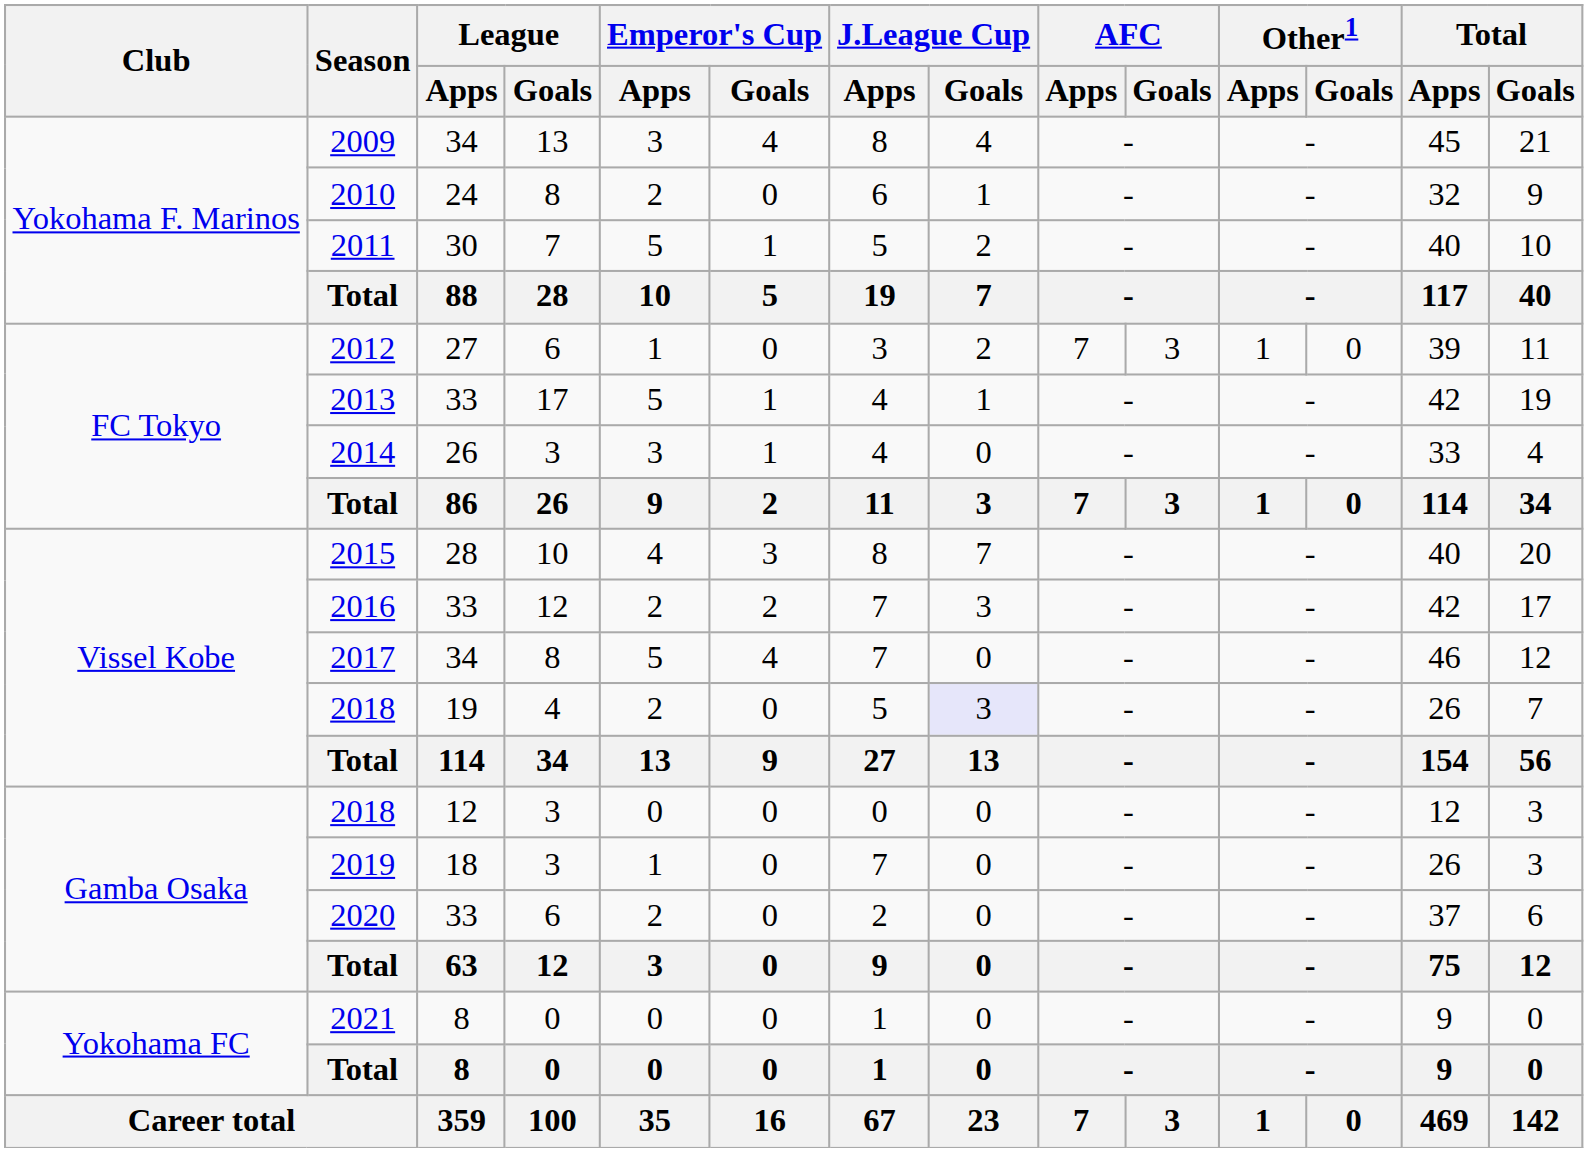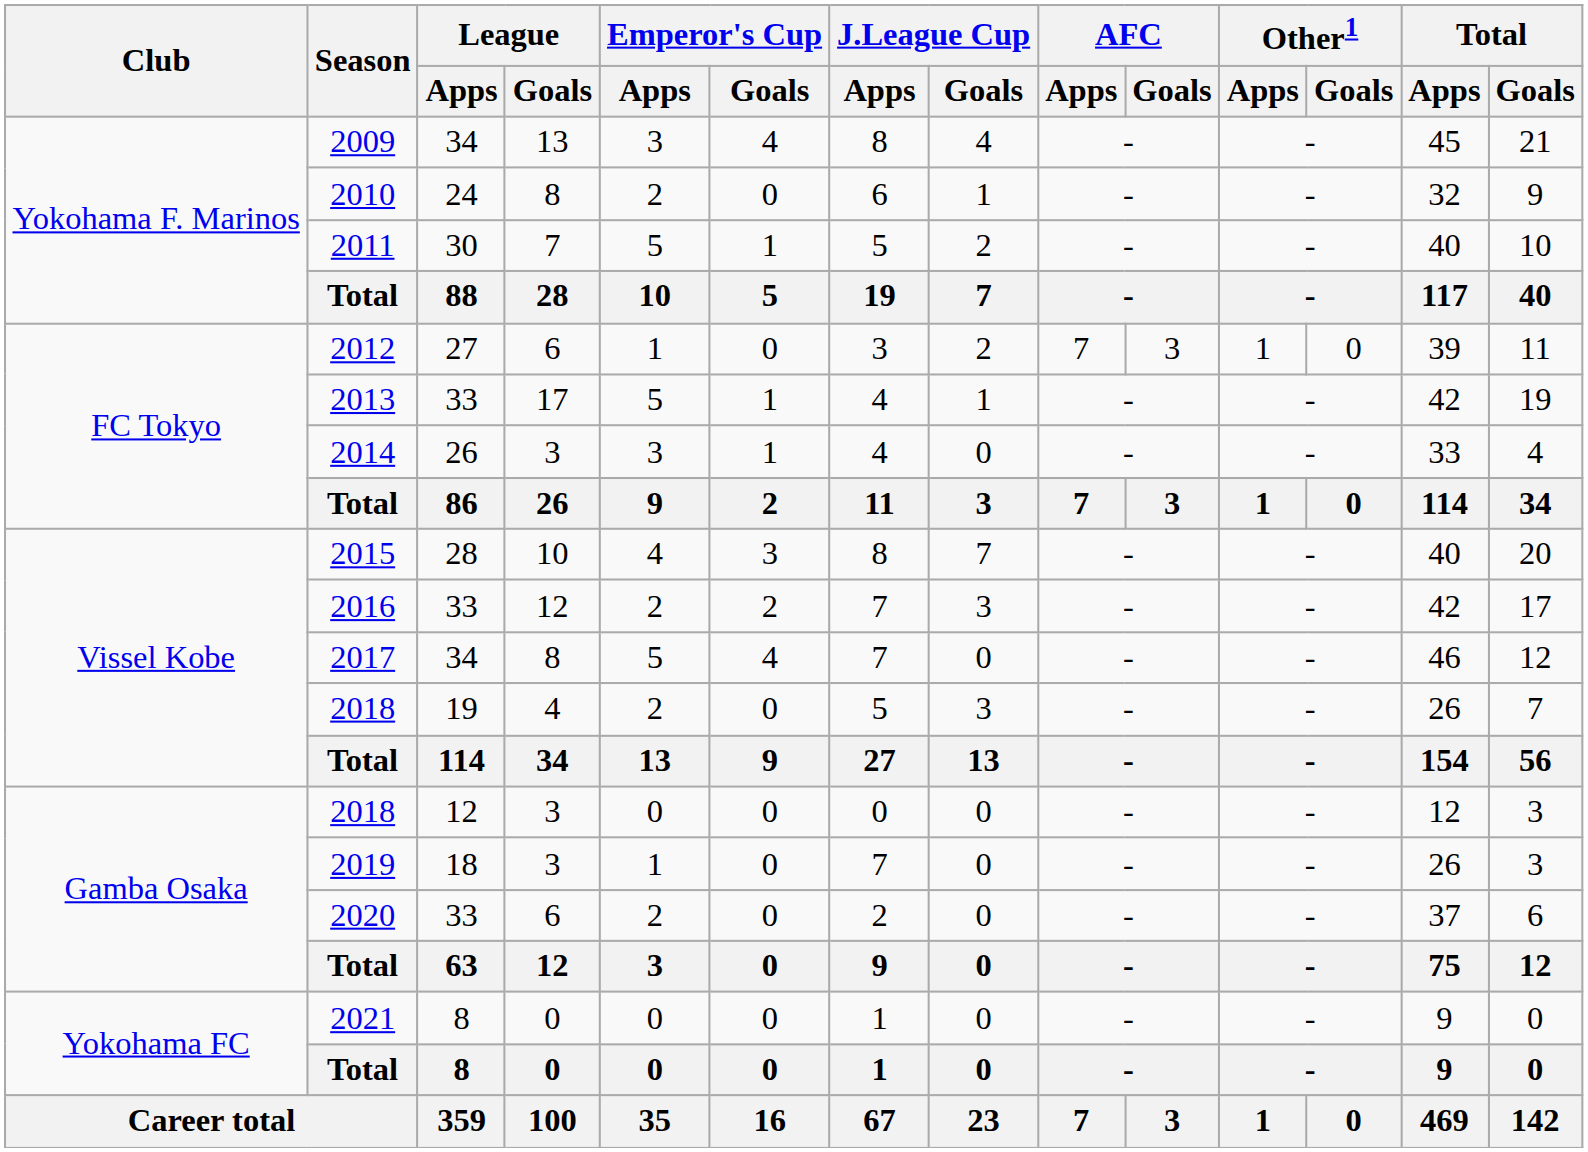 <table class="wikitable" style="text-align:center;">
 <tr>
 <th rowspan="2">Club</th>
 <th rowspan="2">Season</th>
 <th colspan="2">League</th>
 <th colspan="2"><a href='#'>Emperor's Cup</a></th>
 <th colspan="2"><a href='#'>J.League Cup</a></th>
 <th colspan="2"><a href='#'>AFC</a></th>
 <th colspan="2">Other<sup><a href='#'>1</a></sup></th>
 <th colspan="2">Total</th>
 </tr>
 <tr>
 <th>Apps</th>
 <th>Goals</th>
 <th>Apps</th>
 <th>Goals</th>
 <th>Apps</th>
 <th>Goals</th>
 <th>Apps</th>
 <th>Goals</th>
 <th>Apps</th>
 <th>Goals</th>
 <th>Apps</th>
 <th>Goals</th>
 </tr>
 <tr>
 <td rowspan="4"><a href='#'>Yokohama F. Marinos</a></td>
 <td><a href='#'>2009</a></td>
 <td>34</td>
 <td>13</td>
 <td>3</td>
 <td>4</td>
 <td>8</td>
 <td>4</td>
 <td colspan="2">-</td>
 <td colspan="2">-</td>
 <td>45</td>
 <td>21</td>
 </tr>
 <tr>
 <td><a href='#'>2010</a></td>
 <td>24</td>
 <td>8</td>
 <td>2</td>
 <td>0</td>
 <td>6</td>
 <td>1</td>
 <td colspan="2">-</td>
 <td colspan="2">-</td>
 <td>32</td>
 <td>9</td>
 </tr>
 <tr>
 <td><a href='#'>2011</a></td>
 <td>30</td>
 <td>7</td>
 <td>5</td>
 <td>1</td>
 <td>5</td>
 <td>2</td>
 <td colspan="2">-</td>
 <td colspan="2">-</td>
 <td>40</td>
 <td>10</td>
 </tr>
 <tr>
 <th colspan="1">Total</th>
 <th>88</th>
 <th>28</th>
 <th>10</th>
 <th>5</th>
 <th>19</th>
 <th>7</th>
 <th colspan="2">-</th>
 <th colspan="2">-</th>
 <th>117</th>
 <th>40</th>
 </tr>
 <tr>
 <td rowspan="4"><a href='#'>FC Tokyo</a></td>
 <td><a href='#'>2012</a></td>
 <td>27</td>
 <td>6</td>
 <td>1</td>
 <td>0</td>
 <td>3</td>
 <td>2</td>
 <td>7</td>
 <td>3</td>
 <td>1</td>
 <td>0</td>
 <td>39</td>
 <td>11</td>
 </tr>
 <tr>
 <td><a href='#'>2013</a></td>
 <td>33</td>
 <td>17</td>
 <td>5</td>
 <td>1</td>
 <td>4</td>
 <td>1</td>
 <td colspan="2">-</td>
 <td colspan="2">-</td>
 <td>42</td>
 <td>19</td>
 </tr>
 <tr>
 <td><a href='#'>2014</a></td>
 <td>26</td>
 <td>3</td>
 <td>3</td>
 <td>1</td>
 <td>4</td>
 <td>0</td>
 <td colspan="2">-</td>
 <td colspan="2">-</td>
 <td>33</td>
 <td>4</td>
 </tr>
 <tr>
 <th colspan="1">Total</th>
 <th>86</th>
 <th>26</th>
 <th>9</th>
 <th>2</th>
 <th>11</th>
 <th>3</th>
 <th>7</th>
 <th>3</th>
 <th>1</th>
 <th>0</th>
 <th>114</th>
 <th>34</th>
 </tr>
 <tr>
 <td rowspan="5"><a href='#'>Vissel Kobe</a></td>
 <td><a href='#'>2015</a></td>
 <td>28</td>
 <td>10</td>
 <td>4</td>
 <td>3</td>
 <td>8</td>
 <td>7</td>
 <td colspan="2">-</td>
 <td colspan="2">-</td>
 <td>40</td>
 <td>20</td>
 </tr>
 <tr>
 <td><a href='#'>2016</a></td>
 <td>33</td>
 <td>12</td>
 <td>2</td>
 <td>2</td>
 <td>7</td>
 <td>3</td>
 <td colspan="2">-</td>
 <td colspan="2">-</td>
 <td>42</td>
 <td>17</td>
 </tr>
 <tr>
 <td><a href='#'>2017</a></td>
 <td>34</td>
 <td>8</td>
 <td>5</td>
 <td>4</td>
 <td>7</td>
 <td>0</td>
 <td colspan="2">-</td>
 <td colspan="2">-</td>
 <td>46</td>
 <td>12</td>
 </tr>
 <tr>
 <td><a href='#'>2018</a></td>
 <td>19</td>
 <td>4</td>
 <td>2</td>
 <td>0</td>
 <td>5</td>
-<td style="background: lavender;">3</td>
+<td>3</td>
 <td colspan="2">-</td>
 <td colspan="2">-</td>
 <td>26</td>
 <td>7</td>
 </tr>
 <tr>
 <th colspan="1">Total</th>
 <th>114</th>
 <th>34</th>
 <th>13</th>
 <th>9</th>
 <th>27</th>
 <th>13</th>
 <th colspan="2">-</th>
 <th colspan="2">-</th>
 <th>154</th>
 <th>56</th>
 </tr>
 <tr>
 <td rowspan="4"><a href='#'>Gamba Osaka</a></td>
 <td><a href='#'>2018</a></td>
 <td>12</td>
 <td>3</td>
 <td>0</td>
 <td>0</td>
 <td>0</td>
 <td>0</td>
 <td colspan="2">-</td>
 <td colspan="2">-</td>
 <td>12</td>
 <td>3</td>
 </tr>
 <tr>
 <td><a href='#'>2019</a></td>
 <td>18</td>
 <td>3</td>
 <td>1</td>
 <td>0</td>
 <td>7</td>
 <td>0</td>
 <td colspan="2">-</td>
 <td colspan="2">-</td>
 <td>26</td>
 <td>3</td>
 </tr>
 <tr>
 <td><a href='#'>2020</a></td>
 <td>33</td>
 <td>6</td>
 <td>2</td>
 <td>0</td>
 <td>2</td>
 <td>0</td>
 <td colspan="2">-</td>
 <td colspan="2">-</td>
 <td>37</td>
 <td>6</td>
 </tr>
 <tr>
 <th colspan="1">Total</th>
 <th>63</th>
 <th>12</th>
 <th>3</th>
 <th>0</th>
 <th>9</th>
 <th>0</th>
 <th colspan="2">-</th>
 <th colspan="2">-</th>
 <th>75</th>
 <th>12</th>
 </tr>
 <tr>
 <td rowspan="2"><a href='#'>Yokohama FC</a></td>
 <td><a href='#'>2021</a></td>
 <td>8</td>
 <td>0</td>
 <td>0</td>
 <td>0</td>
 <td>1</td>
 <td>0</td>
 <td colspan="2">-</td>
 <td colspan="2">-</td>
 <td>9</td>
 <td>0</td>
 </tr>
 <tr>
 <th colspan="1">Total</th>
 <th>8</th>
 <th>0</th>
 <th>0</th>
 <th>0</th>
 <th>1</th>
 <th>0</th>
 <th colspan="2">-</th>
 <th colspan="2">-</th>
 <th>9</th>
 <th>0</th>
 </tr>
 <tr>
 <th colspan="2">Career total</th>
 <th>359</th>
 <th>100</th>
 <th>35</th>
 <th>16</th>
 <th>67</th>
 <th>23</th>
 <th>7</th>
 <th>3</th>
 <th>1</th>
 <th>0</th>
 <th>469</th>
 <th>142</th>
 </tr>
 </table>
